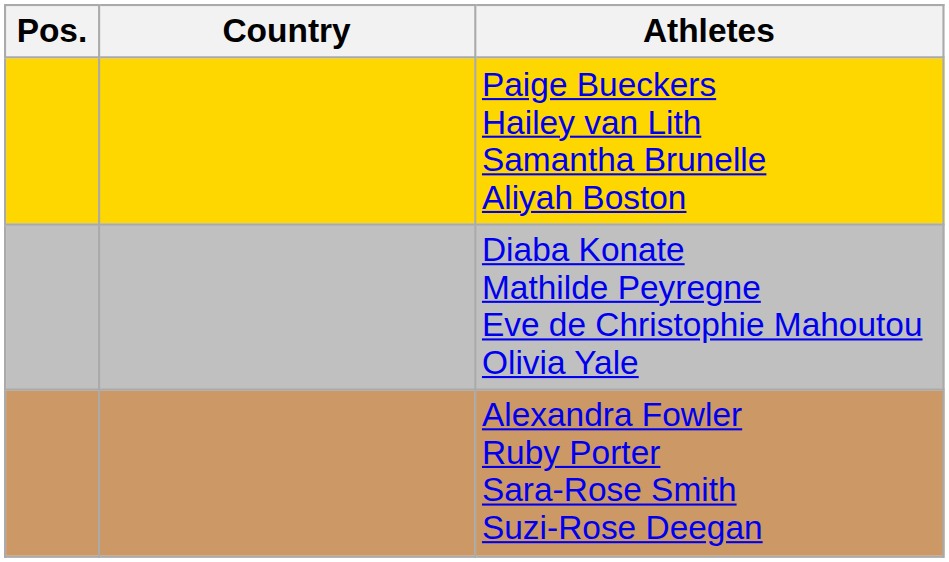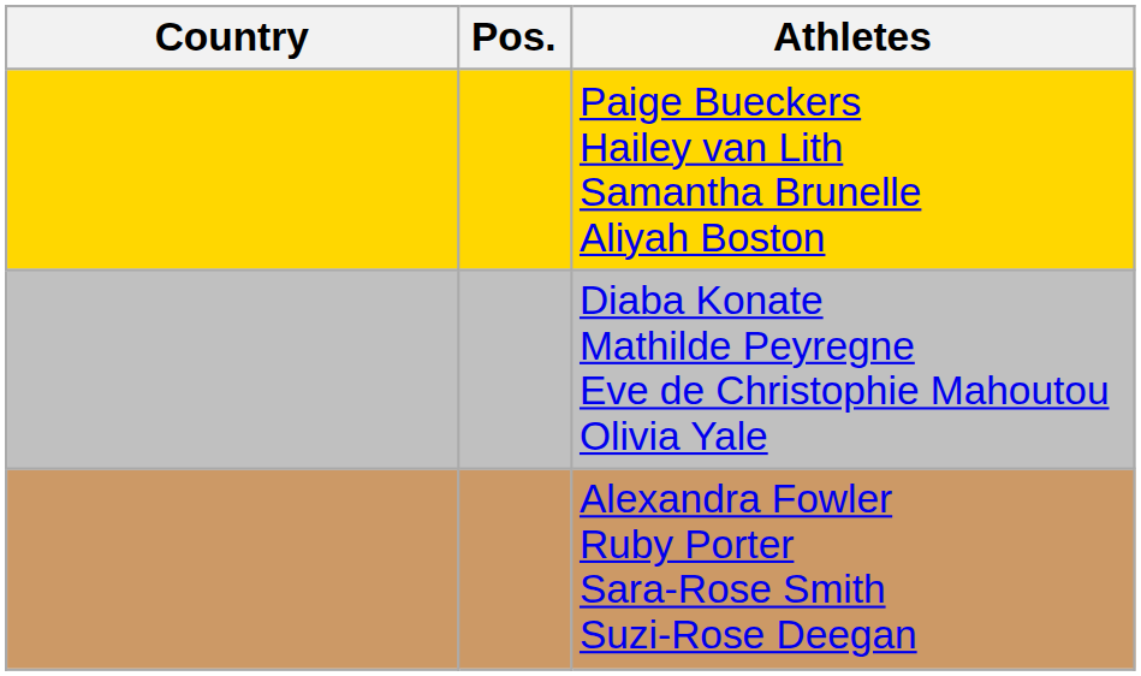 <table class="wikitable" style="background:#FFFFFF; width:450px;">
 <tr>
+<th>Country</th>
 <th style="width:10%;">Pos.</th>
-<th>Country</th>
 <th style="width:50%;">Athletes</th>
 </tr>
 <tr style="background:gold;">
+<td></td>
 <td style="text-align:center;"></td>
-<td></td>
 <td><a href='#'>Paige Bueckers</a><br><a href='#'>Hailey van Lith</a><br><a href='#'>Samantha Brunelle</a><br><a href='#'>Aliyah Boston</a></td>
 </tr>
 <tr style="background:silver;">
+<td></td>
 <td style="text-align:center;"></td>
-<td></td>
 <td><a href='#'>Diaba Konate</a><br><a href='#'>Mathilde Peyregne</a><br><a href='#'>Eve de Christophie Mahoutou</a><br><a href='#'>Olivia Yale</a></td>
 </tr>
 <tr style="background:#cc9966;">
+<td></td>
 <td style="text-align:center;"></td>
-<td></td>
 <td><a href='#'>Alexandra Fowler</a><br><a href='#'>Ruby Porter</a><br><a href='#'>Sara-Rose Smith</a><br><a href='#'>Suzi-Rose Deegan</a></td>
 </tr>
 </table>
